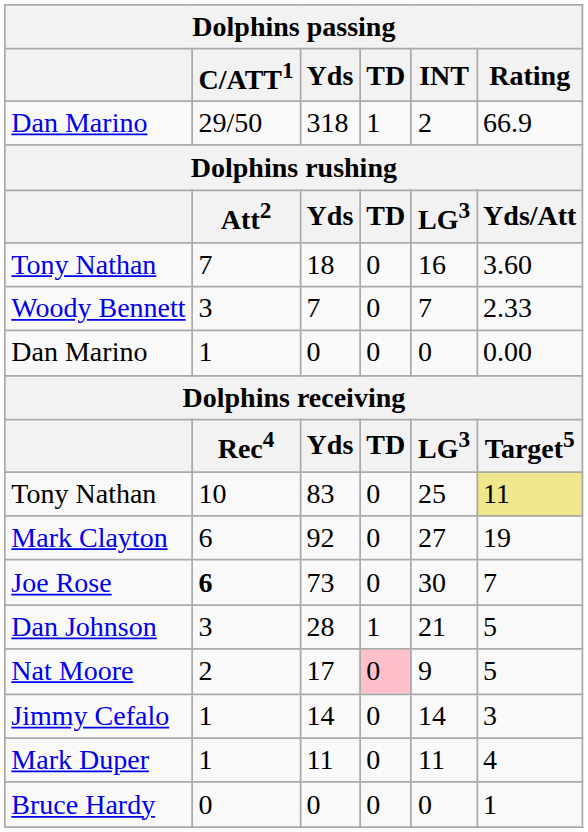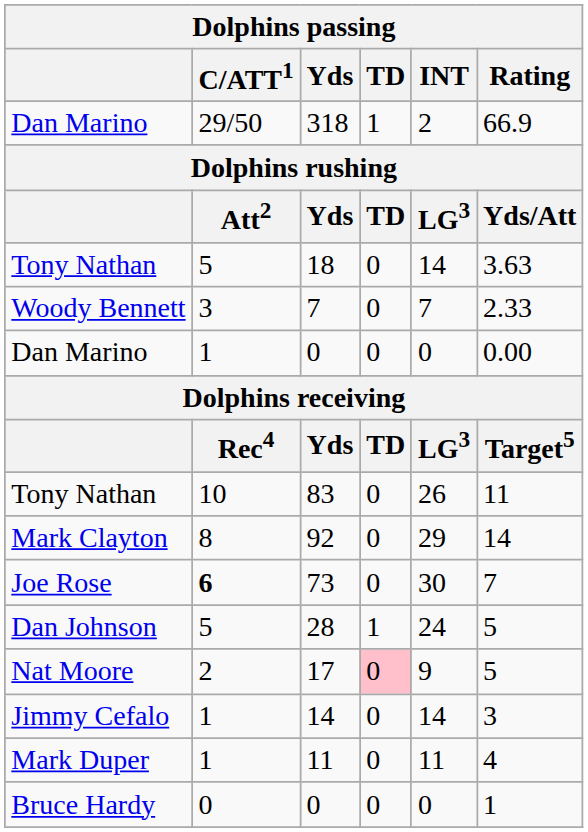 <table class="wikitable">
 <tr>
 <th colspan="6">Dolphins passing</th>
 </tr>
 <tr>
 <th></th>
 <th>C/ATT<sup>1</sup></th>
 <th>Yds</th>
 <th>TD</th>
 <th>INT</th>
 <th>Rating</th>
 </tr>
 <tr>
 <td><a href='#'>Dan Marino</a></td>
 <td>29/50</td>
 <td>318</td>
 <td>1</td>
 <td>2</td>
 <td>66.9</td>
 </tr>
 <tr>
 <th colspan="6">Dolphins rushing</th>
 </tr>
 <tr>
 <th></th>
 <th>Att<sup>2</sup></th>
 <th>Yds</th>
 <th>TD</th>
 <th>LG<sup>3</sup></th>
 <th>Yds/Att</th>
 </tr>
 <tr>
 <td><a href='#'>Tony Nathan</a></td>
-<td>7</td>
+<td>5</td>
 <td>18</td>
 <td>0</td>
-<td>16</td>
-<td>3.60</td>
+<td>14</td>
+<td>3.63</td>
 </tr>
 <tr>
 <td><a href='#'>Woody Bennett</a></td>
 <td>3</td>
 <td>7</td>
 <td>0</td>
 <td>7</td>
 <td>2.33</td>
 </tr>
 <tr>
 <td>Dan Marino</td>
 <td>1</td>
 <td>0</td>
 <td>0</td>
 <td>0</td>
 <td>0.00</td>
 </tr>
 <tr>
 <th colspan="6">Dolphins receiving</th>
 </tr>
 <tr>
 <th></th>
 <th>Rec<sup>4</sup></th>
 <th>Yds</th>
 <th>TD</th>
 <th>LG<sup>3</sup></th>
 <th>Target<sup>5</sup></th>
 </tr>
 <tr>
 <td>Tony Nathan</td>
 <td>10</td>
 <td>83</td>
 <td>0</td>
-<td>25</td>
-<td style="background: khaki;">11</td>
+<td>26</td>
+<td>11</td>
 </tr>
 <tr>
 <td><a href='#'>Mark Clayton</a></td>
-<td>6</td>
+<td>8</td>
 <td>92</td>
 <td>0</td>
-<td>27</td>
-<td>19</td>
+<td>29</td>
+<td>14</td>
 </tr>
 <tr>
 <td><a href='#'>Joe Rose</a></td>
 <td><strong>6</strong></td>
 <td>73</td>
 <td>0</td>
 <td>30</td>
 <td>7</td>
 </tr>
 <tr>
 <td><a href='#'>Dan Johnson</a></td>
-<td>3</td>
+<td>5</td>
 <td>28</td>
 <td>1</td>
-<td>21</td>
+<td>24</td>
 <td>5</td>
 </tr>
 <tr>
 <td><a href='#'>Nat Moore</a></td>
 <td>2</td>
 <td>17</td>
 <td style="background: pink;">0</td>
 <td>9</td>
 <td>5</td>
 </tr>
 <tr>
 <td><a href='#'>Jimmy Cefalo</a></td>
 <td>1</td>
 <td>14</td>
 <td>0</td>
 <td>14</td>
 <td>3</td>
 </tr>
 <tr>
 <td><a href='#'>Mark Duper</a></td>
 <td>1</td>
 <td>11</td>
 <td>0</td>
 <td>11</td>
 <td>4</td>
 </tr>
 <tr>
 <td><a href='#'>Bruce Hardy</a></td>
 <td>0</td>
 <td>0</td>
 <td>0</td>
 <td>0</td>
 <td>1</td>
 </tr>
 <tr>
 </tr>
 </table>
